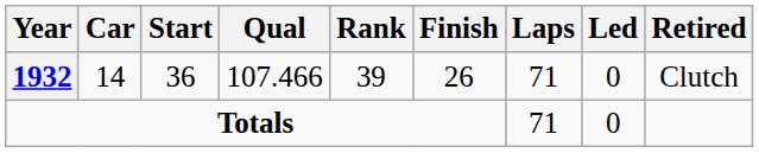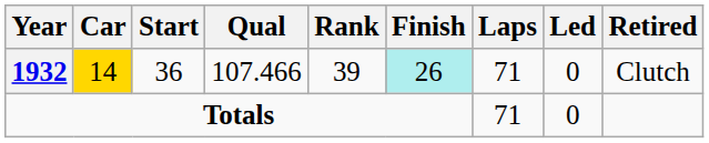 <table class="wikitable" style="text-align:center">
 <tr>
 <th>Year</th>
 <th>Car</th>
 <th>Start</th>
 <th>Qual</th>
 <th>Rank</th>
 <th>Finish</th>
 <th>Laps</th>
 <th>Led</th>
 <th>Retired</th>
 </tr>
 <tr>
 <th><a href='#'>1932</a></th>
-<td>14</td>
+<td style="background: gold;">14</td>
 <td>36</td>
 <td>107.466</td>
 <td>39</td>
-<td>26</td>
+<td style="background: paleturquoise;">26</td>
 <td>71</td>
 <td>0</td>
 <td>Clutch</td>
 </tr>
 <tr>
 <td colspan=6><strong>Totals</strong></td>
 <td>71</td>
 <td>0</td>
 <td></td>
 </tr>
 </table>
